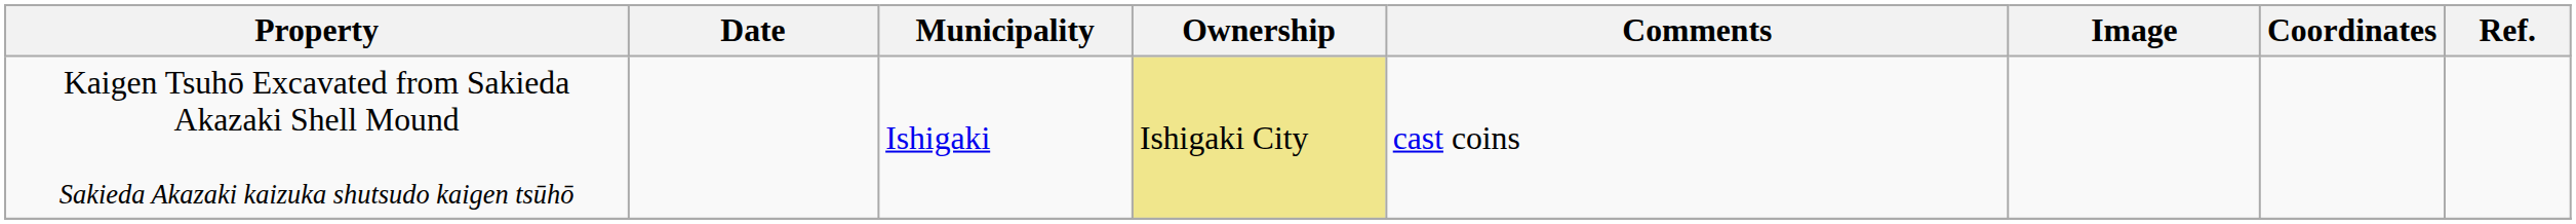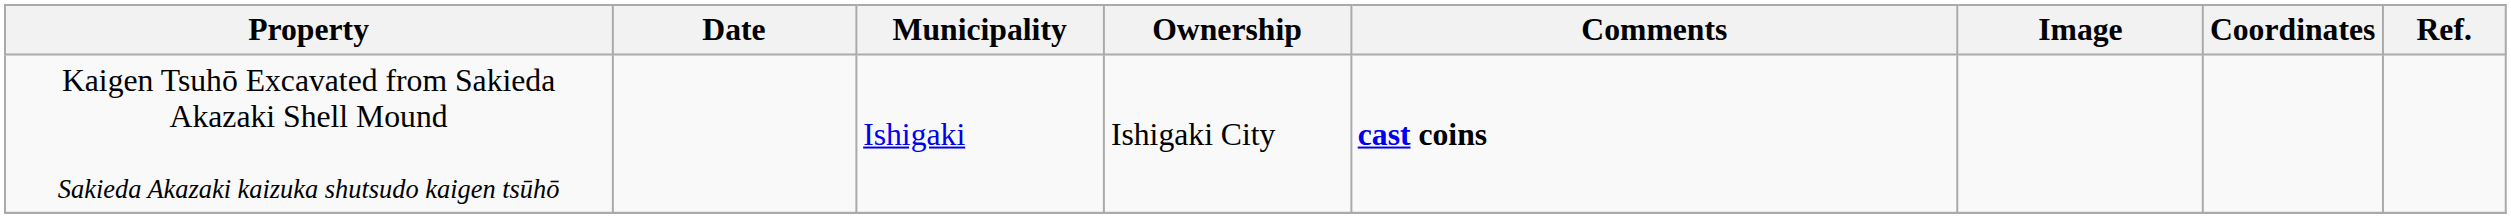 <table class="wikitable sortable"  style="width:100%;">
 <tr>
 <th width="25%" align="left">Property</th>
 <th width="10%" align="left">Date</th>
 <th width="10%" align="left">Municipality</th>
 <th width="10%" align="left">Ownership</th>
 <th width="25%" align="left" class="unsortable">Comments</th>
 <th width="10%" align="left" class="unsortable">Image</th>
 <th width="5%" align="left" class="unsortable">Coordinates</th>
 <th width="5%" align="left" class="unsortable">Ref.</th>
 </tr>
 <tr>
 <td align="center">Kaigen Tsuhō Excavated from Sakieda Akazaki Shell Mound<br><br><small><em>Sakieda Akazaki kaizuka shutsudo kaigen tsūhō</em></small></td>
 <td></td>
 <td><a href='#'>Ishigaki</a></td>
-<td style="background: khaki;">Ishigaki City</td>
-<td><a href='#'>cast</a> coins</td>
+<td>Ishigaki City</td>
+<td><strong><a href='#'>cast</a> coins</strong></td>
 <td></td>
 <td></td>
 <td></td>
 </tr>
 <tr>
 </tr>
 </table>
